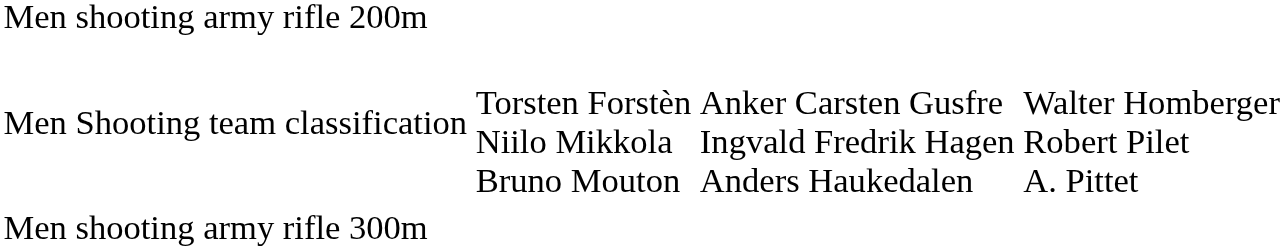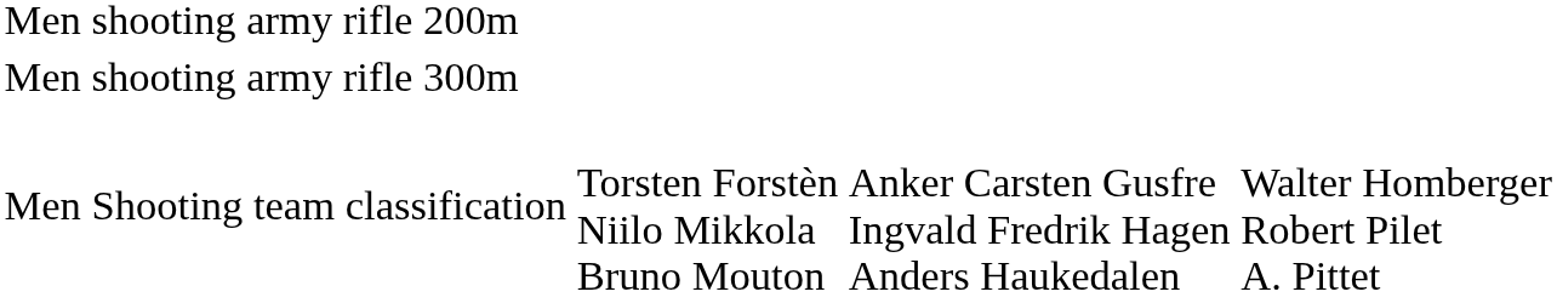 <table>
 <tr>
 <td>Men shooting army rifle 200m</td>
+<td></td>
+<td></td>
+<td></td>
+</tr>
+<tr>
+<td>Men shooting army rifle 300m</td>
 <td></td>
 <td></td>
 <td></td>
 </tr>
 <tr>
 <td>Men Shooting team classification</td>
 <td><br>Torsten Forstèn<br>Niilo Mikkola<br>Bruno Mouton</td>
 <td><br>Anker Carsten Gusfre<br>Ingvald Fredrik Hagen<br>Anders Haukedalen</td>
 <td><br>Walter Homberger<br>Robert Pilet<br>A. Pittet</td>
 </tr>
-<tr>
-<td>Men shooting army rifle 300m</td>
-<td></td>
-<td></td>
-<td></td>
-</tr>
 </table>
